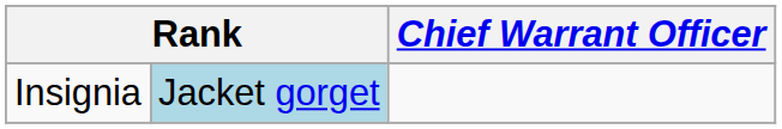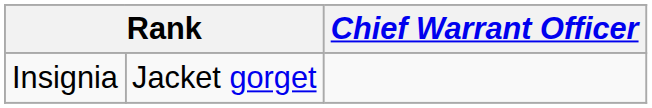 <table class=wikitable style="text-align:center;">
 <tr>
 <th align="center" colspan="2">Rank</th>
 <th><em><a href='#'>Chief Warrant Officer</a></em></th>
 </tr>
 <tr>
 <td rowspan="3">Insignia</td>
-<td style="background: lightblue;">Jacket <a href='#'>gorget</a></td>
+<td>Jacket <a href='#'>gorget</a></td>
 <td></td>
 </tr>
 </table>
